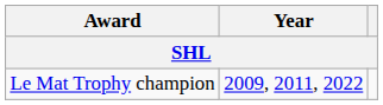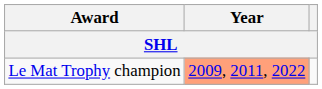 <table class="wikitable">
 <tr>
 <th>Award</th>
 <th>Year</th>
 <th></th>
 </tr>
 <tr>
 <th colspan="3"><a href='#'>SHL</a></th>
 </tr>
 <tr>
 <td><a href='#'>Le Mat Trophy</a> champion</td>
-<td><a href='#'>2009</a>, <a href='#'>2011</a>, <a href='#'>2022</a></td>
+<td style="background: lightsalmon;"><a href='#'>2009</a>, <a href='#'>2011</a>, <a href='#'>2022</a></td>
 <td></td>
 </tr>
 </table>
